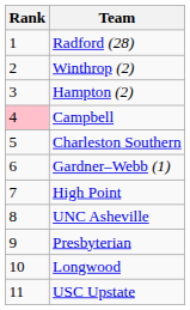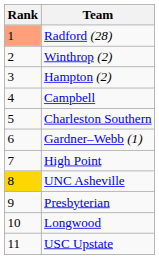 <table class="wikitable">
 <tr>
 <th>Rank</th>
 <th>Team</th>
 </tr>
 <tr>
-<td>1</td>
+<td style="background: lightsalmon;">1</td>
 <td><a href='#'>Radford</a> <em>(28)</em></td>
 </tr>
 <tr>
 <td>2</td>
 <td><a href='#'>Winthrop</a>  <em>(2)</em></td>
 </tr>
 <tr>
 <td>3</td>
 <td><a href='#'>Hampton</a>  <em>(2)</em></td>
 </tr>
 <tr>
-<td style="background: pink;">4</td>
+<td>4</td>
 <td><a href='#'>Campbell</a></td>
 </tr>
 <tr>
 <td>5</td>
 <td><a href='#'>Charleston Southern</a></td>
 </tr>
 <tr>
 <td>6</td>
 <td><a href='#'>Gardner–Webb</a> <em>(1)</em></td>
 </tr>
 <tr>
 <td>7</td>
 <td><a href='#'>High Point</a></td>
 </tr>
 <tr>
-<td>8</td>
+<td style="background: gold;">8</td>
 <td><a href='#'>UNC Asheville</a></td>
 </tr>
 <tr>
 <td>9</td>
 <td><a href='#'>Presbyterian</a></td>
 </tr>
 <tr>
 <td>10</td>
 <td><a href='#'>Longwood</a></td>
 </tr>
 <tr>
 <td>11</td>
 <td><a href='#'>USC Upstate</a></td>
 </tr>
 </table>
